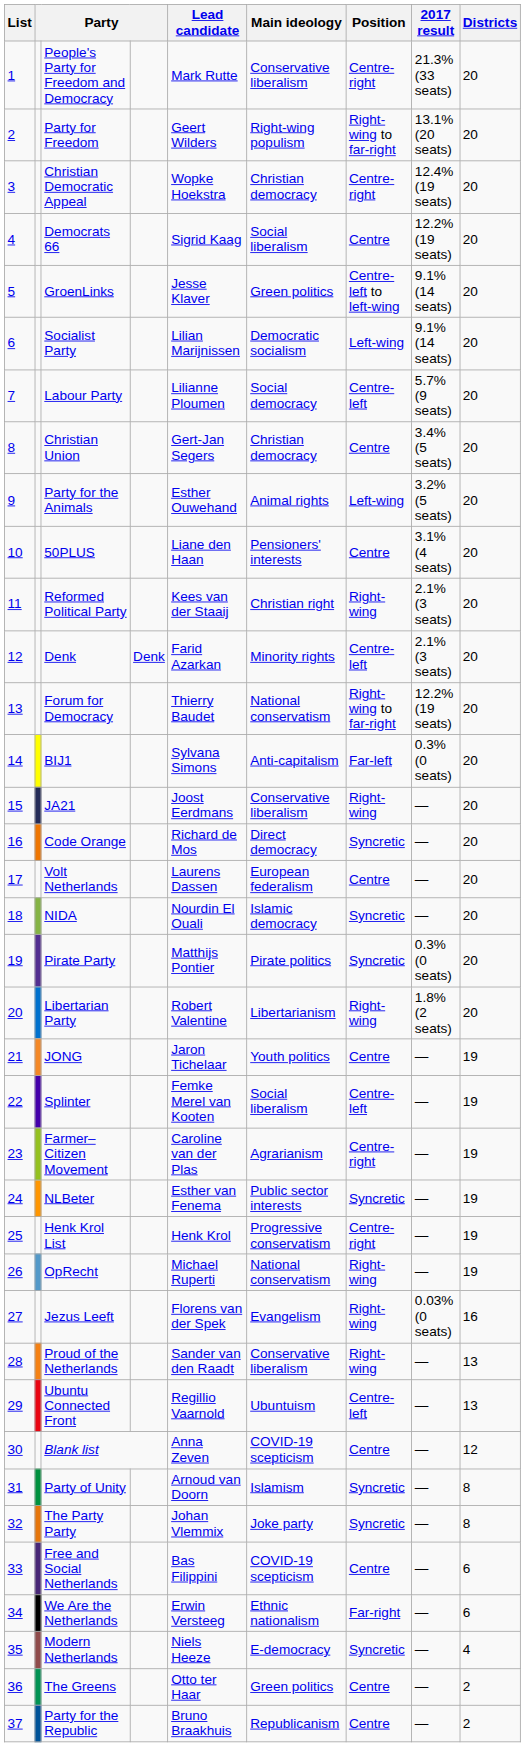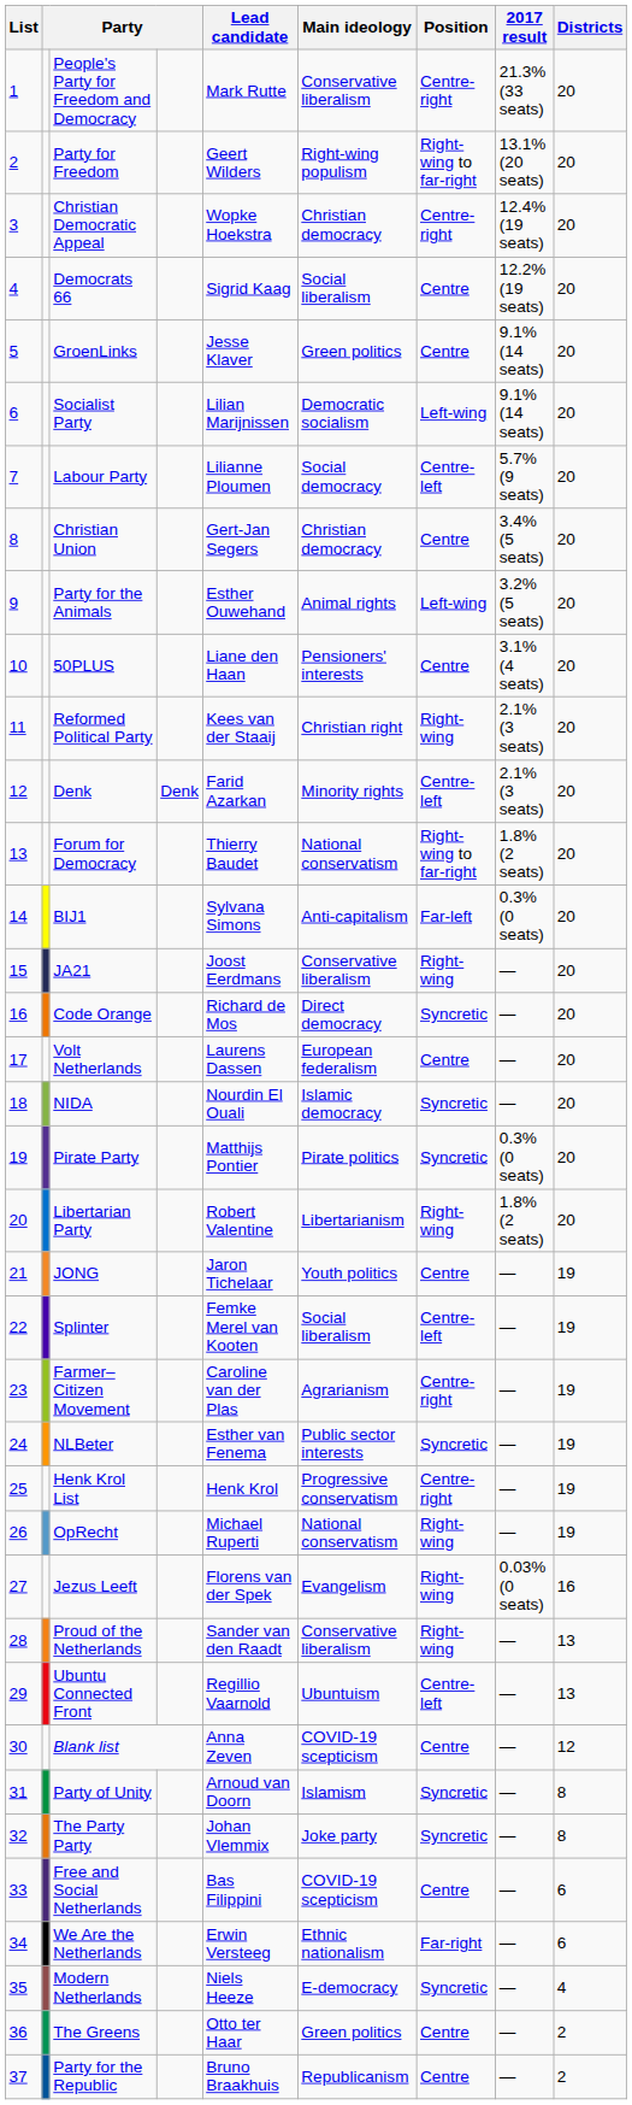 <table class="wikitable">
 <tr>
 <th>List</th>
 <th colspan="3">Party</th>
 <th><a href='#'>Lead candidate</a></th>
 <th>Main ideology</th>
 <th>Position</th>
 <th><a href='#'>2017 result</a></th>
 <th><a href='#'>Districts</a></th>
 </tr>
 <tr>
 <td><a href='#'>1</a></td>
 <td style="background:"></td>
 <td><a href='#'>People's Party for Freedom and Democracy</a></td>
 <td style="text-align:center;"></td>
 <td><a href='#'>Mark Rutte</a></td>
 <td><a href='#'>Conservative liberalism</a></td>
 <td><a href='#'>Centre-right</a></td>
 <td>21.3% (33 seats)</td>
 <td>20</td>
 </tr>
 <tr>
 <td><a href='#'>2</a></td>
 <td style="background:"></td>
 <td><a href='#'>Party for Freedom</a></td>
 <td style="text-align:center;"></td>
 <td><a href='#'>Geert Wilders</a></td>
 <td><a href='#'>Right-wing populism</a></td>
 <td><a href='#'>Right-wing</a> to <a href='#'>far-right</a></td>
 <td>13.1% (20 seats)</td>
 <td>20</td>
 </tr>
 <tr>
 <td><a href='#'>3</a></td>
 <td style="background:"></td>
 <td><a href='#'>Christian Democratic Appeal</a></td>
 <td style="text-align:center;"></td>
 <td><a href='#'>Wopke Hoekstra</a></td>
 <td><a href='#'>Christian democracy</a></td>
 <td><a href='#'>Centre-right</a></td>
 <td>12.4% (19 seats)</td>
 <td>20</td>
 </tr>
 <tr>
 <td><a href='#'>4</a></td>
 <td style="background:"></td>
 <td><a href='#'>Democrats 66</a></td>
 <td style="text-align:center;"></td>
 <td><a href='#'>Sigrid Kaag</a></td>
 <td><a href='#'>Social liberalism</a></td>
 <td><a href='#'>Centre</a></td>
 <td>12.2% (19 seats)</td>
 <td>20</td>
 </tr>
 <tr>
 <td><a href='#'>5</a></td>
 <td style="background:"></td>
 <td><a href='#'>GroenLinks</a></td>
 <td style="text-align:center;"></td>
 <td><a href='#'>Jesse Klaver</a></td>
 <td><a href='#'>Green politics</a></td>
-<td><a href='#'>Centre-left</a> to <a href='#'>left-wing</a></td>
+<td><a href='#'>Centre</a></td>
 <td>9.1% (14 seats)</td>
 <td>20</td>
 </tr>
 <tr>
 <td><a href='#'>6</a></td>
 <td style="background:"></td>
 <td><a href='#'>Socialist Party</a></td>
 <td style="text-align:center;"></td>
 <td><a href='#'>Lilian Marijnissen</a></td>
 <td><a href='#'>Democratic socialism</a></td>
 <td><a href='#'>Left-wing</a></td>
 <td>9.1% (14 seats)</td>
 <td>20</td>
 </tr>
 <tr>
 <td><a href='#'>7</a></td>
 <td style="background:"></td>
 <td><a href='#'>Labour Party</a></td>
 <td style="text-align:center;"></td>
 <td><a href='#'>Lilianne Ploumen</a></td>
 <td><a href='#'>Social democracy</a></td>
 <td><a href='#'>Centre-left</a></td>
 <td>5.7% (9 seats)</td>
 <td>20</td>
 </tr>
 <tr>
 <td><a href='#'>8</a></td>
 <td style="background:"></td>
 <td><a href='#'>Christian Union</a></td>
 <td style="text-align:center;"></td>
 <td><a href='#'>Gert-Jan Segers</a></td>
 <td><a href='#'>Christian democracy</a></td>
 <td><a href='#'>Centre</a></td>
 <td>3.4% (5 seats)</td>
 <td>20</td>
 </tr>
 <tr>
 <td><a href='#'>9</a></td>
 <td style="background:"></td>
 <td><a href='#'>Party for the Animals</a></td>
 <td style="text-align:center;"></td>
 <td><a href='#'>Esther Ouwehand</a></td>
 <td><a href='#'>Animal rights</a></td>
 <td><a href='#'>Left-wing</a></td>
 <td>3.2% (5 seats)</td>
 <td>20</td>
 </tr>
 <tr>
 <td><a href='#'>10</a></td>
 <td style="background:"></td>
 <td><a href='#'>50PLUS</a></td>
 <td style="text-align:center;"></td>
 <td><a href='#'>Liane den Haan</a></td>
 <td><a href='#'>Pensioners' interests</a></td>
 <td><a href='#'>Centre</a></td>
 <td>3.1% (4 seats)</td>
 <td>20</td>
 </tr>
 <tr>
 <td><a href='#'>11</a></td>
 <td style="background:"></td>
 <td><a href='#'>Reformed Political Party</a></td>
 <td style="text-align:center;"></td>
 <td><a href='#'>Kees van der Staaij</a></td>
 <td><a href='#'>Christian right</a></td>
 <td><a href='#'>Right-wing</a></td>
 <td>2.1% (3 seats)</td>
 <td>20</td>
 </tr>
 <tr>
 <td><a href='#'>12</a></td>
 <td style="background:"></td>
 <td><a href='#'>Denk</a></td>
 <td style="text-align:center;"><a href='#'>Denk</a></td>
 <td><a href='#'>Farid Azarkan</a></td>
 <td><a href='#'>Minority rights</a></td>
 <td><a href='#'>Centre-left</a></td>
 <td>2.1% (3 seats)</td>
 <td>20</td>
 </tr>
 <tr>
 <td><a href='#'>13</a></td>
 <td style="background:"></td>
 <td><a href='#'>Forum for Democracy</a></td>
 <td style="text-align:center;"></td>
 <td><a href='#'>Thierry Baudet</a></td>
 <td><a href='#'>National conservatism</a></td>
 <td><a href='#'>Right-wing</a> to <a href='#'>far-right</a></td>
-<td>12.2% (19 seats)</td>
+<td>1.8% (2 seats)</td>
 <td>20</td>
 </tr>
 <tr>
 <td><a href='#'>14</a></td>
 <td style="background:#FFFF00;"></td>
 <td><a href='#'>BIJ1</a></td>
 <td style="text-align:center;"></td>
 <td><a href='#'>Sylvana Simons</a></td>
 <td><a href='#'>Anti-capitalism</a></td>
 <td><a href='#'>Far-left</a></td>
 <td>0.3% (0 seats)</td>
 <td>20</td>
 </tr>
 <tr>
 <td><a href='#'>15</a></td>
 <td style="background:#242B57;"></td>
 <td><a href='#'>JA21</a></td>
 <td style="text-align:center;"></td>
 <td><a href='#'>Joost Eerdmans</a></td>
 <td><a href='#'>Conservative liberalism</a></td>
 <td><a href='#'>Right-wing</a></td>
 <td>—</td>
 <td>20</td>
 </tr>
 <tr>
 <td><a href='#'>16</a></td>
 <td style="background:#EF7601;"></td>
 <td><a href='#'>Code Orange</a></td>
 <td style="text-align:center;"></td>
 <td><a href='#'>Richard de Mos</a></td>
 <td><a href='#'>Direct democracy</a></td>
 <td><a href='#'>Syncretic</a></td>
 <td>—</td>
 <td>20</td>
 </tr>
 <tr>
 <td><a href='#'>17</a></td>
 <td style="background:"></td>
 <td><a href='#'>Volt Netherlands</a></td>
 <td style="text-align:center;"></td>
 <td><a href='#'>Laurens Dassen</a></td>
 <td><a href='#'>European federalism</a></td>
 <td><a href='#'>Centre</a></td>
 <td>—</td>
 <td>20</td>
 </tr>
 <tr>
 <td><a href='#'>18</a></td>
 <td style="background:#85B445;"></td>
 <td><a href='#'>NIDA</a></td>
 <td style="text-align:center;"></td>
 <td><a href='#'>Nourdin El Ouali</a></td>
 <td><a href='#'>Islamic democracy</a></td>
 <td><a href='#'>Syncretic</a></td>
 <td>—</td>
 <td>20</td>
 </tr>
 <tr>
 <td><a href='#'>19</a></td>
 <td style="background:#532F91;"></td>
 <td><a href='#'>Pirate Party</a></td>
 <td style="text-align:center;"></td>
 <td><a href='#'>Matthijs Pontier</a></td>
 <td><a href='#'>Pirate politics</a></td>
 <td><a href='#'>Syncretic</a></td>
 <td>0.3% (0 seats)</td>
 <td>20</td>
 </tr>
 <tr>
 <td><a href='#'>20</a></td>
 <td style="background:#0071CE;"></td>
 <td><a href='#'>Libertarian Party</a></td>
 <td style="text-align:center;"></td>
 <td><a href='#'>Robert Valentine</a></td>
 <td><a href='#'>Libertarianism</a></td>
 <td><a href='#'>Right-wing</a></td>
 <td>1.8% (2 seats)</td>
 <td>20</td>
 </tr>
 <tr>
 <td><a href='#'>21</a></td>
 <td style="background:#F48826;"></td>
 <td><a href='#'>JONG</a></td>
 <td style="text-align:center;"></td>
 <td><a href='#'>Jaron Tichelaar</a></td>
 <td><a href='#'>Youth politics</a></td>
 <td><a href='#'>Centre</a></td>
 <td>—</td>
 <td>19</td>
 </tr>
 <tr>
 <td><a href='#'>22</a></td>
 <td style="background:#4500AB;"></td>
 <td><a href='#'>Splinter</a></td>
 <td style="text-align:center;"></td>
 <td><a href='#'>Femke Merel van Kooten</a></td>
 <td><a href='#'>Social liberalism</a></td>
 <td><a href='#'>Centre-left</a></td>
 <td>—</td>
 <td>19</td>
 </tr>
 <tr>
 <td><a href='#'>23</a></td>
 <td style="background:#94C11F;"></td>
 <td><a href='#'>Farmer–Citizen Movement</a></td>
 <td style="text-align:center;"></td>
 <td><a href='#'>Caroline van der Plas</a></td>
 <td><a href='#'>Agrarianism</a></td>
 <td><a href='#'>Centre-right</a></td>
 <td>—</td>
 <td>19</td>
 </tr>
 <tr>
 <td><a href='#'>24</a></td>
 <td style="background:#FF9600;"></td>
 <td><a href='#'>NLBeter</a></td>
 <td style="text-align:center;"></td>
 <td><a href='#'>Esther van Fenema</a></td>
 <td><a href='#'>Public sector interests</a></td>
 <td><a href='#'>Syncretic</a></td>
 <td>—</td>
 <td>19</td>
 </tr>
 <tr>
 <td><a href='#'>25</a></td>
 <td style="background:"></td>
 <td><a href='#'>Henk Krol List</a></td>
 <td style="text-align:center;"></td>
 <td><a href='#'>Henk Krol</a></td>
 <td><a href='#'>Progressive conservatism</a></td>
 <td><a href='#'>Centre-right</a></td>
 <td>—</td>
 <td>19</td>
 </tr>
 <tr>
 <td><a href='#'>26</a></td>
 <td style="background:#5399C9;"></td>
 <td><a href='#'>OpRecht</a></td>
 <td style="text-align:center;"></td>
 <td><a href='#'>Michael Ruperti</a></td>
 <td><a href='#'>National conservatism</a></td>
 <td><a href='#'>Right-wing</a></td>
 <td>—</td>
 <td>19</td>
 </tr>
 <tr>
 <td><a href='#'>27</a></td>
 <td style="background:"></td>
 <td><a href='#'>Jezus Leeft</a></td>
 <td style="text-align:center;"></td>
 <td><a href='#'>Florens van der Spek</a></td>
 <td><a href='#'>Evangelism</a></td>
 <td><a href='#'>Right-wing</a></td>
 <td>0.03% (0 seats)</td>
 <td>16</td>
 </tr>
 <tr>
 <td><a href='#'>28</a></td>
 <td style="background:#F58113;"></td>
 <td><a href='#'>Proud of the Netherlands</a></td>
 <td style="text-align:center;"></td>
 <td><a href='#'>Sander van den Raadt</a></td>
 <td><a href='#'>Conservative liberalism</a></td>
 <td><a href='#'>Right-wing</a></td>
 <td>—</td>
 <td>13</td>
 </tr>
 <tr>
 <td><a href='#'>29</a></td>
 <td style="background:#EA0512;"></td>
 <td><a href='#'>Ubuntu Connected Front</a></td>
 <td style="text-align:center;"></td>
 <td><a href='#'>Regillio Vaarnold</a></td>
 <td><a href='#'>Ubuntuism</a></td>
 <td><a href='#'>Centre-left</a></td>
 <td>—</td>
 <td>13</td>
 </tr>
 <tr>
 <td><a href='#'>30</a></td>
 <td style="background:"></td>
 <td colspan="2"><em><a href='#'>Blank list</a></em></td>
 <td><a href='#'>Anna Zeven</a></td>
 <td><a href='#'>COVID-19 scepticism</a></td>
 <td><a href='#'>Centre</a></td>
 <td>—</td>
 <td>12</td>
 </tr>
 <tr>
 <td><a href='#'>31</a></td>
 <td style="background:#00923F;"></td>
 <td><a href='#'>Party of Unity</a></td>
 <td style="text-align:center;"></td>
 <td><a href='#'>Arnoud van Doorn</a></td>
 <td><a href='#'>Islamism</a></td>
 <td><a href='#'>Syncretic</a></td>
 <td>—</td>
 <td>8</td>
 </tr>
 <tr>
 <td><a href='#'>32</a></td>
 <td style="background:#E6760B;"></td>
 <td><a href='#'>The Party Party</a></td>
 <td style="text-align:center;"></td>
 <td><a href='#'>Johan Vlemmix</a></td>
 <td><a href='#'>Joke party</a></td>
 <td><a href='#'>Syncretic</a></td>
 <td>—</td>
 <td>8</td>
 </tr>
 <tr>
 <td><a href='#'>33</a></td>
 <td style="background:#482777;"></td>
 <td><a href='#'>Free and Social Netherlands</a></td>
 <td style="text-align:center;"></td>
 <td><a href='#'>Bas Filippini</a></td>
 <td><a href='#'>COVID-19 scepticism</a></td>
 <td><a href='#'>Centre</a></td>
 <td>—</td>
 <td>6</td>
 </tr>
 <tr>
 <td><a href='#'>34</a></td>
 <td style="background:#000000;"></td>
 <td><a href='#'>We Are the Netherlands</a></td>
 <td style="text-align:center;"></td>
 <td><a href='#'>Erwin Versteeg</a></td>
 <td><a href='#'>Ethnic nationalism</a></td>
 <td><a href='#'>Far-right</a></td>
 <td>—</td>
 <td>6</td>
 </tr>
 <tr>
 <td><a href='#'>35</a></td>
 <td style="background:#8F4B4B;"></td>
 <td><a href='#'>Modern Netherlands</a></td>
 <td style="text-align:center;"></td>
 <td><a href='#'>Niels Heeze</a></td>
 <td><a href='#'>E-democracy</a></td>
 <td><a href='#'>Syncretic</a></td>
 <td>—</td>
 <td>4</td>
 </tr>
 <tr>
 <td><a href='#'>36</a></td>
 <td style="background:#019354;"></td>
 <td><a href='#'>The Greens</a></td>
 <td style="text-align:center;"></td>
 <td><a href='#'>Otto ter Haar</a></td>
 <td><a href='#'>Green politics</a></td>
 <td><a href='#'>Centre</a></td>
 <td>—</td>
 <td>2</td>
 </tr>
 <tr>
 <td><a href='#'>37</a></td>
 <td style="background:#005399;"></td>
 <td><a href='#'>Party for the Republic</a></td>
 <td style="text-align:center;"></td>
 <td><a href='#'>Bruno Braakhuis</a></td>
 <td><a href='#'>Republicanism</a></td>
 <td><a href='#'>Centre</a></td>
 <td>—</td>
 <td>2</td>
 </tr>
 </table>
